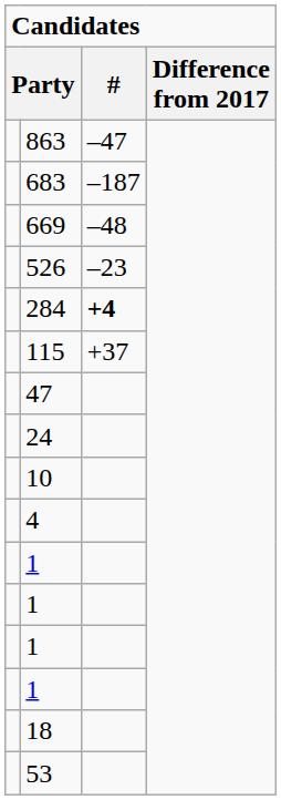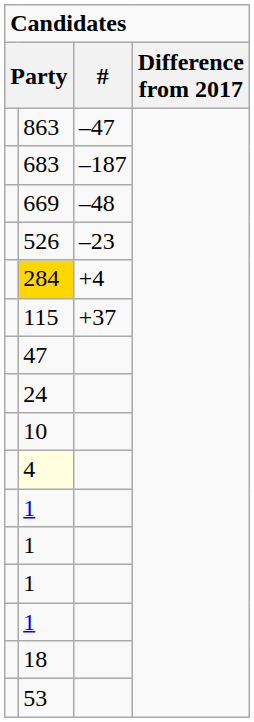 <table role="presentation" class="wikitable mw-collapsible mw-collapsed" style="text-align:centre;">
 <tr>
 <td colspan=4><strong>Candidates</strong></td>
 </tr>
 <tr>
 <th colspan=2>Party</th>
 <th>#</th>
 <th>Difference <br>from 2017</th>
 </tr>
 <tr>
 <td></td>
 <td>863</td>
 <td>–47</td>
 </tr>
 <tr>
 <td></td>
 <td>683</td>
 <td>–187</td>
 </tr>
 <tr>
 <td></td>
 <td>669</td>
 <td>–48</td>
 </tr>
 <tr>
 <td></td>
 <td>526</td>
 <td>–23</td>
 </tr>
 <tr>
 <td></td>
-<td>284</td>
-<td><strong>+4</strong></td>
+<td style="background: gold;">284</td>
+<td>+4</td>
 </tr>
 <tr>
 <td></td>
 <td>115</td>
 <td>+37</td>
 </tr>
 <tr>
 <td></td>
 <td>47</td>
 <td></td>
 </tr>
 <tr>
 <td></td>
 <td>24</td>
 <td></td>
 </tr>
 <tr>
 <td></td>
 <td>10</td>
 <td></td>
 </tr>
 <tr>
 <td></td>
-<td>4</td>
+<td style="background: lightyellow;">4</td>
 <td></td>
 </tr>
 <tr>
 <td></td>
 <td><a href='#'>1</a></td>
 <td></td>
 </tr>
 <tr>
 <td></td>
 <td>1</td>
 <td></td>
 </tr>
 <tr>
 <td></td>
 <td>1</td>
 <td></td>
 </tr>
 <tr>
 <td></td>
 <td><a href='#'>1</a></td>
 <td></td>
 </tr>
 <tr>
 <td></td>
 <td>18</td>
 <td></td>
 </tr>
 <tr>
 <td></td>
 <td>53</td>
 <td></td>
 </tr>
 </table>
